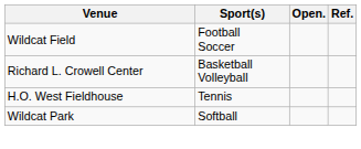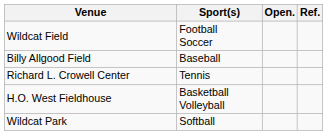 <table class="wikitable sortable"; style= "text-align: ">
 <tr>
 <th width=250px>Venue</th>
 <th width=120px>Sport(s)</th>
 <th width=px>Open.</th>
 <th width=px>Ref.</th>
 </tr>
 <tr>
 <td>Wildcat Field</td>
 <td>Football <br> Soccer</td>
 <td></td>
 <td></td>
 </tr>
 <tr>
+<td>Billy Allgood Field</td>
+<td>Baseball</td>
+<td></td>
+<td></td>
+</tr>
+<tr>
 <td>Richard L. Crowell Center</td>
-<td>Basketball <br> Volleyball</td>
+<td>Tennis</td>
 <td></td>
 <td></td>
 </tr>
 <tr>
 <td>H.O. West Fieldhouse</td>
-<td>Tennis</td>
+<td>Basketball <br> Volleyball</td>
 <td></td>
 <td></td>
 </tr>
 <tr>
 <td>Wildcat Park</td>
 <td>Softball</td>
 <td></td>
 <td></td>
 </tr>
 </table>
